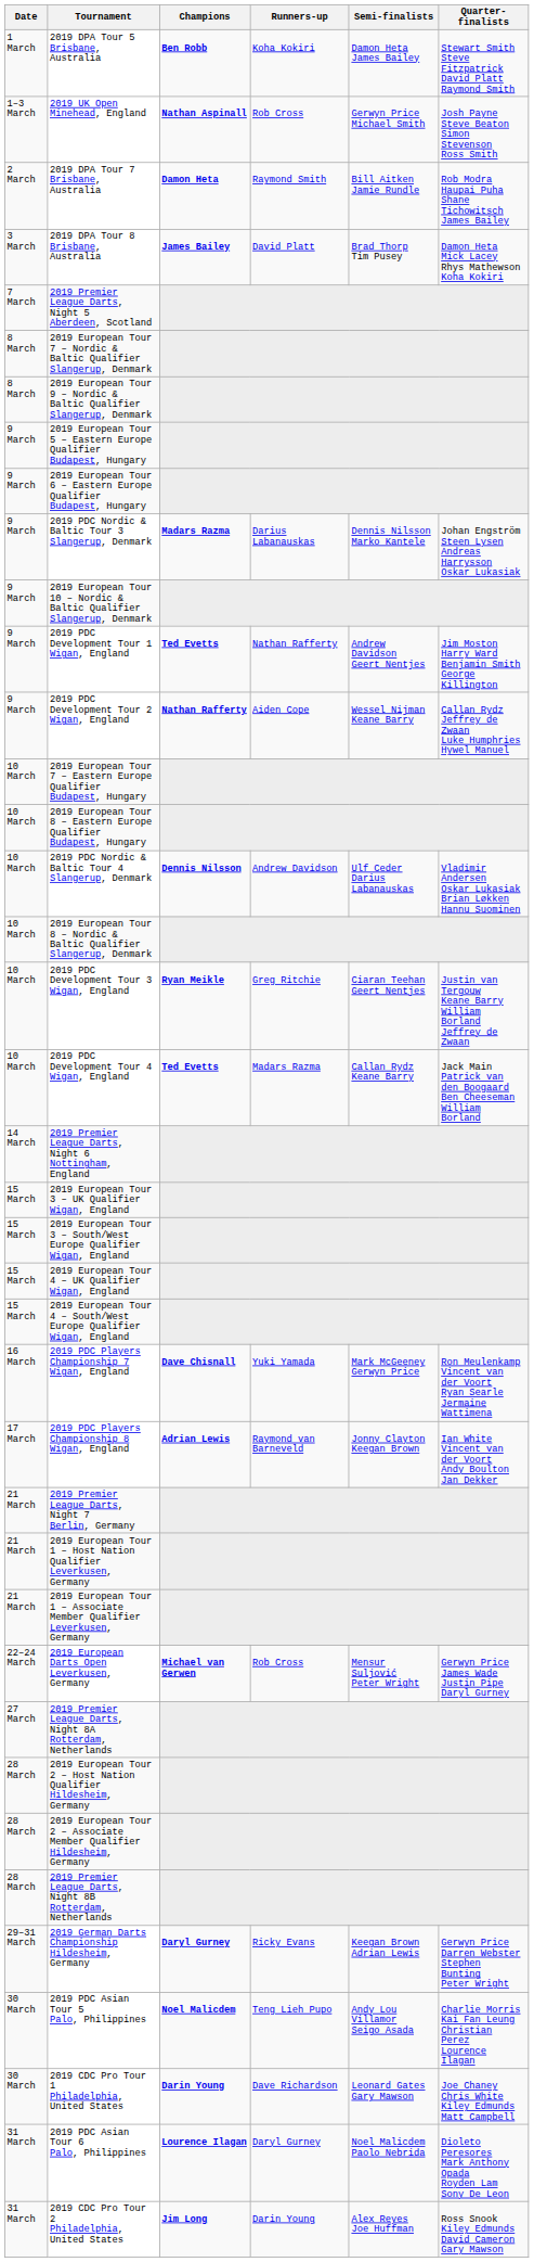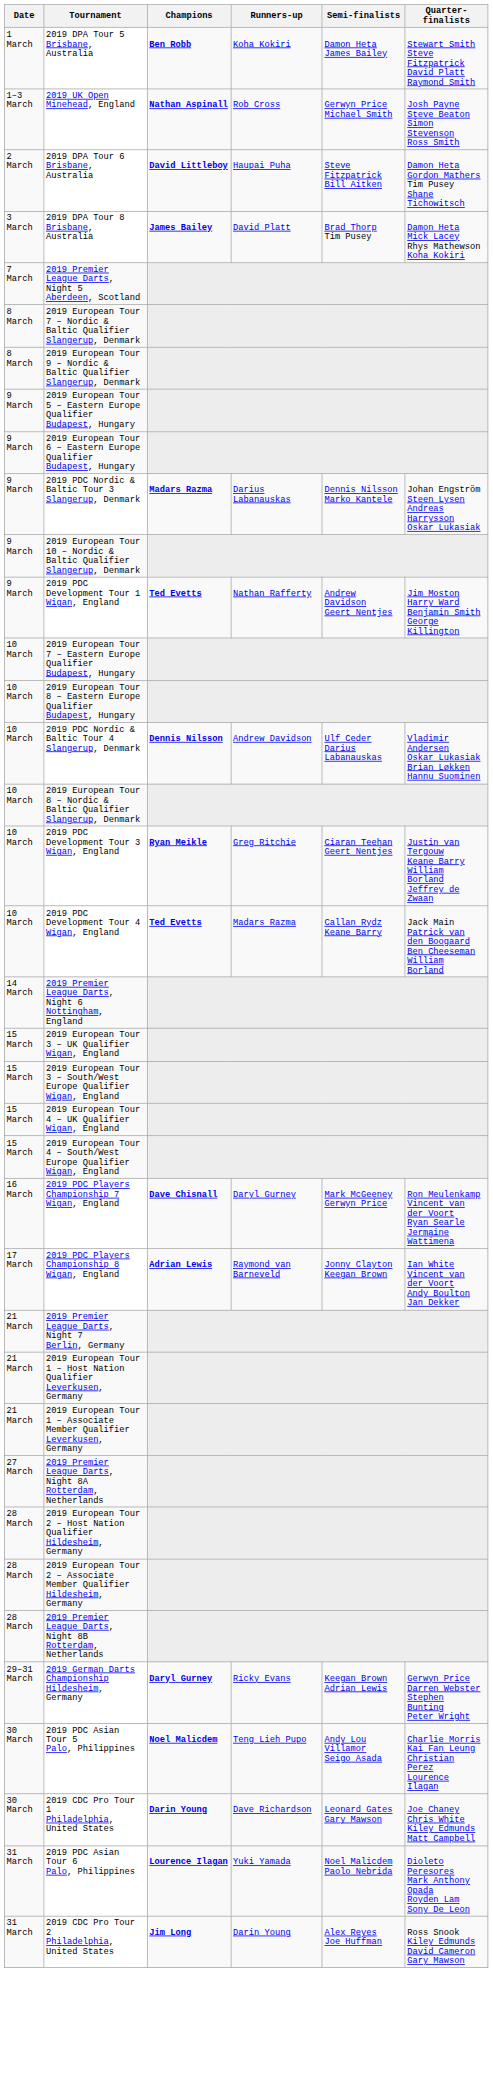 <table class=wikitable style=font-size:85%>
 <tr>
 <th width=75>Date</th>
 <th width=230>Tournament</th>
 <th width=210>Champions</th>
 <th width=210>Runners-up</th>
 <th width=170>Semi-finalists</th>
 <th width=170>Quarter-finalists</th>
 </tr>
 <tr valign="top">
 <td>1 March</td>
 <td bgcolor="#ffffff">2019 DPA Tour 5<br><a href='#'>Brisbane</a>, Australia</td>
 <td><br> <strong><a href='#'>Ben Robb</a></strong></td>
 <td><br> <a href='#'>Koha Kokiri</a></td>
 <td><br> <a href='#'>Damon Heta</a> <br>  <a href='#'>James Bailey</a></td>
 <td><br> <a href='#'>Stewart Smith</a> <br>  <a href='#'>Steve Fitzpatrick</a> <br>  <a href='#'>David Platt</a> <br>  <a href='#'>Raymond Smith</a></td>
 </tr>
 <tr valign="top">
 <td>1–3 March</td>
 <td bgcolor="#ffffff"><a href='#'>2019 UK Open</a><br><a href='#'>Minehead</a>, England</td>
 <td><br> <strong><a href='#'>Nathan Aspinall</a></strong></td>
 <td><br> <a href='#'>Rob Cross</a></td>
 <td><br> <a href='#'>Gerwyn Price</a> <br>  <a href='#'>Michael Smith</a></td>
 <td><br> <a href='#'>Josh Payne</a> <br>  <a href='#'>Steve Beaton</a> <br>  <a href='#'>Simon Stevenson</a> <br>  <a href='#'>Ross Smith</a></td>
 </tr>
 <tr valign="top">
 <td>2 March</td>
-<td bgcolor="#ffffff">2019 DPA Tour 7<br><a href='#'>Brisbane</a>, Australia</td>
-<td><br> <strong><a href='#'>Damon Heta</a></strong></td>
-<td><br> <a href='#'>Raymond Smith</a></td>
-<td><br> <a href='#'>Bill Aitken</a> <br>  <a href='#'>Jamie Rundle</a></td>
-<td><br> <a href='#'>Rob Modra</a> <br>  <a href='#'>Haupai Puha</a> <br>  <a href='#'>Shane Tichowitsch</a> <br>  <a href='#'>James Bailey</a></td>
+<td bgcolor="#ffffff">2019 DPA Tour 6<br><a href='#'>Brisbane</a>, Australia</td>
+<td><br> <strong><a href='#'>David Littleboy</a></strong></td>
+<td><br> <a href='#'>Haupai Puha</a></td>
+<td><br> <a href='#'>Steve Fitzpatrick</a> <br>  <a href='#'>Bill Aitken</a></td>
+<td><br> <a href='#'>Damon Heta</a> <br>  <a href='#'>Gordon Mathers</a> <br>  Tim Pusey <br>  <a href='#'>Shane Tichowitsch</a></td>
 </tr>
 <tr valign="top">
 <td>3 March</td>
 <td bgcolor="#ffffff">2019 DPA Tour 8<br><a href='#'>Brisbane</a>, Australia</td>
 <td><br> <strong><a href='#'>James Bailey</a></strong></td>
 <td><br> <a href='#'>David Platt</a></td>
 <td><br> <a href='#'>Brad Thorp</a> <br>  Tim Pusey</td>
 <td><br> <a href='#'>Damon Heta</a> <br>  <a href='#'>Mick Lacey</a> <br>  Rhys Mathewson <br>  <a href='#'>Koha Kokiri</a></td>
 </tr>
 <tr valign="top">
 <td rowspan=1>7 March</td>
 <td><a href='#'>2019 Premier League Darts</a>, Night 5 <br><a href='#'>Aberdeen</a>, Scotland</td>
 <td colspan=4 bgcolor="#ededed"></td>
 </tr>
 <tr valign="top">
 <td rowspan=1>8 March</td>
 <td>2019 European Tour 7 – Nordic & Baltic Qualifier <br><a href='#'>Slangerup</a>, Denmark</td>
 <td colspan=4 bgcolor="#ededed"></td>
 </tr>
 <tr valign="top">
 <td rowspan=1>8 March</td>
 <td>2019 European Tour 9 – Nordic & Baltic Qualifier <br><a href='#'>Slangerup</a>, Denmark</td>
 <td colspan=4 bgcolor="#ededed"></td>
 </tr>
 <tr valign="top">
 <td rowspan=1>9 March</td>
 <td>2019 European Tour 5 – Eastern Europe Qualifier <br><a href='#'>Budapest</a>, Hungary</td>
 <td colspan=4 bgcolor="#ededed"></td>
 </tr>
 <tr valign="top">
 <td rowspan=1>9 March</td>
 <td>2019 European Tour 6 – Eastern Europe Qualifier <br><a href='#'>Budapest</a>, Hungary</td>
 <td colspan=4 bgcolor="#ededed"></td>
 </tr>
 <tr valign="top">
 <td>9 March</td>
 <td bgcolor="#ffffff">2019 PDC Nordic & Baltic Tour 3<br><a href='#'>Slangerup</a>, Denmark</td>
 <td><br> <strong><a href='#'>Madars Razma</a></strong></td>
 <td><br> <a href='#'>Darius Labanauskas</a></td>
 <td><br> <a href='#'>Dennis Nilsson</a> <br>  <a href='#'>Marko Kantele</a></td>
 <td><br> Johan Engström <br>  <a href='#'>Steen Lysen</a> <br>  <a href='#'>Andreas Harrysson</a> <br>  <a href='#'>Oskar Lukasiak</a></td>
 </tr>
 <tr valign="top">
 <td rowspan=1>9 March</td>
 <td>2019 European Tour 10 – Nordic & Baltic Qualifier <br><a href='#'>Slangerup</a>, Denmark</td>
 <td colspan=4 bgcolor="#ededed"></td>
 </tr>
 <tr valign="top">
 <td>9 March</td>
 <td bgcolor="#ffffff">2019 PDC Development Tour 1<br><a href='#'>Wigan</a>, England</td>
 <td><br> <strong><a href='#'>Ted Evetts</a></strong></td>
 <td><br> <a href='#'>Nathan Rafferty</a></td>
 <td><br> <a href='#'>Andrew Davidson</a> <br>  <a href='#'>Geert Nentjes</a></td>
 <td><br> <a href='#'>Jim Moston</a> <br>  <a href='#'>Harry Ward</a> <br>  <a href='#'>Benjamin Smith</a> <br>  <a href='#'>George Killington</a></td>
-</tr>
-<tr valign="top">
-<td>9 March</td>
-<td bgcolor="#ffffff">2019 PDC Development Tour 2<br><a href='#'>Wigan</a>, England</td>
-<td><br> <strong><a href='#'>Nathan Rafferty</a></strong></td>
-<td><br> <a href='#'>Aiden Cope</a></td>
-<td><br> <a href='#'>Wessel Nijman</a> <br>  <a href='#'>Keane Barry</a></td>
-<td><br> <a href='#'>Callan Rydz</a> <br>  <a href='#'>Jeffrey de Zwaan</a> <br>  <a href='#'>Luke Humphries</a> <br>  <a href='#'>Hywel Manuel</a></td>
 </tr>
 <tr valign="top">
 <td rowspan=1>10 March</td>
 <td>2019 European Tour 7 – Eastern Europe Qualifier <br><a href='#'>Budapest</a>, Hungary</td>
 <td colspan=4 bgcolor="#ededed"></td>
 </tr>
 <tr valign="top">
 <td rowspan=1>10 March</td>
 <td>2019 European Tour 8 – Eastern Europe Qualifier <br><a href='#'>Budapest</a>, Hungary</td>
 <td colspan=4 bgcolor="#ededed"></td>
 </tr>
 <tr valign="top">
 <td>10 March</td>
 <td bgcolor="#ffffff">2019 PDC Nordic & Baltic Tour 4<br><a href='#'>Slangerup</a>, Denmark</td>
 <td><br> <strong><a href='#'>Dennis Nilsson</a></strong></td>
 <td><br> <a href='#'>Andrew Davidson</a></td>
 <td><br> <a href='#'>Ulf Ceder</a> <br>  <a href='#'>Darius Labanauskas</a></td>
 <td><br> <a href='#'>Vladimir Andersen</a> <br>  <a href='#'>Oskar Lukasiak</a> <br>  <a href='#'>Brian Løkken</a> <br>  <a href='#'>Hannu Suominen</a></td>
 </tr>
 <tr valign="top">
 <td rowspan=1>10 March</td>
 <td>2019 European Tour 8 – Nordic & Baltic Qualifier <br><a href='#'>Slangerup</a>, Denmark</td>
 <td colspan=4 bgcolor="#ededed"></td>
 </tr>
 <tr valign="top">
 <td>10 March</td>
 <td bgcolor="#ffffff">2019 PDC Development Tour 3<br><a href='#'>Wigan</a>, England</td>
 <td><br> <strong><a href='#'>Ryan Meikle</a></strong></td>
 <td><br> <a href='#'>Greg Ritchie</a></td>
 <td><br> <a href='#'>Ciaran Teehan</a> <br>  <a href='#'>Geert Nentjes</a></td>
 <td><br> <a href='#'>Justin van Tergouw</a> <br>  <a href='#'>Keane Barry</a> <br>  <a href='#'>William Borland</a> <br>  <a href='#'>Jeffrey de Zwaan</a></td>
 </tr>
 <tr valign="top">
 <td>10 March</td>
 <td bgcolor="#ffffff">2019 PDC Development Tour 4<br><a href='#'>Wigan</a>, England</td>
 <td><br> <strong><a href='#'>Ted Evetts</a></strong></td>
 <td><br> <a href='#'>Madars Razma</a></td>
 <td><br> <a href='#'>Callan Rydz</a> <br>  <a href='#'>Keane Barry</a></td>
 <td><br> Jack Main <br>  <a href='#'>Patrick van den Boogaard</a> <br>  <a href='#'>Ben Cheeseman</a> <br>  <a href='#'>William Borland</a></td>
 </tr>
 <tr valign="top">
 <td rowspan=1>14 March</td>
 <td><a href='#'>2019 Premier League Darts</a>, Night 6 <br><a href='#'>Nottingham</a>, England</td>
 <td colspan=4 bgcolor="#ededed"></td>
 </tr>
 <tr valign="top">
 <td rowspan=1>15 March</td>
 <td>2019 European Tour 3 – UK Qualifier <br><a href='#'>Wigan</a>, England</td>
 <td colspan=4 bgcolor="#ededed"></td>
 </tr>
 <tr valign="top">
 <td rowspan=1>15 March</td>
 <td>2019 European Tour 3 – South/West Europe Qualifier <br><a href='#'>Wigan</a>, England</td>
 <td colspan=4 bgcolor="#ededed"></td>
 </tr>
 <tr valign="top">
 <td rowspan=1>15 March</td>
 <td>2019 European Tour 4 – UK Qualifier <br><a href='#'>Wigan</a>, England</td>
 <td colspan=4 bgcolor="#ededed"></td>
 </tr>
 <tr valign="top">
 <td rowspan=1>15 March</td>
 <td>2019 European Tour 4 – South/West Europe Qualifier <br><a href='#'>Wigan</a>, England</td>
 <td colspan=4 bgcolor="#ededed"></td>
 </tr>
 <tr valign="top">
 <td>16 March</td>
 <td bgcolor="#ffffff"><a href='#'>2019 PDC Players Championship 7</a><br><a href='#'>Wigan</a>, England</td>
 <td><br> <strong><a href='#'>Dave Chisnall</a></strong></td>
-<td><br> <a href='#'>Yuki Yamada</a></td>
+<td><br> <a href='#'>Daryl Gurney</a></td>
 <td><br> <a href='#'>Mark McGeeney</a> <br>  <a href='#'>Gerwyn Price</a></td>
 <td><br> <a href='#'>Ron Meulenkamp</a> <br>  <a href='#'>Vincent van der Voort</a> <br>  <a href='#'>Ryan Searle</a> <br>  <a href='#'>Jermaine Wattimena</a></td>
 </tr>
 <tr valign="top">
 <td>17 March</td>
 <td bgcolor="#ffffff"><a href='#'>2019 PDC Players Championship 8</a><br><a href='#'>Wigan</a>, England</td>
 <td><br> <strong><a href='#'>Adrian Lewis</a></strong></td>
 <td><br> <a href='#'>Raymond van Barneveld</a></td>
 <td><br> <a href='#'>Jonny Clayton</a> <br>  <a href='#'>Keegan Brown</a></td>
 <td><br> <a href='#'>Ian White</a> <br>  <a href='#'>Vincent van der Voort</a> <br>  <a href='#'>Andy Boulton</a> <br>  <a href='#'>Jan Dekker</a></td>
 </tr>
 <tr valign="top">
 <td rowspan=1>21 March</td>
 <td><a href='#'>2019 Premier League Darts</a>, Night 7 <br><a href='#'>Berlin</a>, Germany</td>
 <td colspan=4 bgcolor="#ededed"></td>
 </tr>
 <tr valign="top">
 <td rowspan=1>21 March</td>
 <td>2019 European Tour 1 – Host Nation Qualifier <br><a href='#'>Leverkusen</a>, Germany</td>
 <td colspan=4 bgcolor="#ededed"></td>
 </tr>
 <tr valign="top">
 <td rowspan=1>21 March</td>
 <td>2019 European Tour 1 – Associate Member Qualifier <br><a href='#'>Leverkusen</a>, Germany</td>
 <td colspan=4 bgcolor="#ededed"></td>
-</tr>
-<tr valign="top">
-<td>22–24 March</td>
-<td bgcolor="#ffffff"><a href='#'>2019 European Darts Open</a><br><a href='#'>Leverkusen</a>, Germany</td>
-<td><br> <strong><a href='#'>Michael van Gerwen</a></strong></td>
-<td><br> <a href='#'>Rob Cross</a></td>
-<td><br> <a href='#'>Mensur Suljović</a> <br>  <a href='#'>Peter Wright</a></td>
-<td><br> <a href='#'>Gerwyn Price</a> <br>  <a href='#'>James Wade</a> <br>  <a href='#'>Justin Pipe</a> <br>  <a href='#'>Daryl Gurney</a></td>
 </tr>
 <tr valign="top">
 <td rowspan=1>27 March</td>
 <td><a href='#'>2019 Premier League Darts</a>, Night 8A <br><a href='#'>Rotterdam</a>, Netherlands</td>
 <td colspan=4 bgcolor="#ededed"></td>
 </tr>
 <tr valign="top">
 <td rowspan=1>28 March</td>
 <td>2019 European Tour 2 – Host Nation Qualifier <br><a href='#'>Hildesheim</a>, Germany</td>
 <td colspan=4 bgcolor="#ededed"></td>
 </tr>
 <tr valign="top">
 <td rowspan=1>28 March</td>
 <td>2019 European Tour 2 – Associate Member Qualifier <br><a href='#'>Hildesheim</a>, Germany</td>
 <td colspan=4 bgcolor="#ededed"></td>
 </tr>
 <tr valign="top">
 <td rowspan=1>28 March</td>
 <td><a href='#'>2019 Premier League Darts</a>, Night 8B <br><a href='#'>Rotterdam</a>, Netherlands</td>
 <td colspan=4 bgcolor="#ededed"></td>
 </tr>
 <tr valign="top">
 <td>29–31 March</td>
 <td bgcolor="#ffffff"><a href='#'>2019 German Darts Championship</a><br><a href='#'>Hildesheim</a>, Germany</td>
 <td><br> <strong><a href='#'>Daryl Gurney</a></strong></td>
 <td><br> <a href='#'>Ricky Evans</a></td>
 <td><br> <a href='#'>Keegan Brown</a> <br>  <a href='#'>Adrian Lewis</a></td>
 <td><br> <a href='#'>Gerwyn Price</a> <br>  <a href='#'>Darren Webster</a> <br>  <a href='#'>Stephen Bunting</a> <br>  <a href='#'>Peter Wright</a></td>
 </tr>
 <tr valign="top">
 <td>30 March</td>
 <td bgcolor="#ffffff">2019 PDC Asian Tour 5<br><a href='#'>Palo</a>, Philippines</td>
 <td><br> <strong><a href='#'>Noel Malicdem</a></strong></td>
 <td><br> <a href='#'>Teng Lieh Pupo</a></td>
 <td><br> <a href='#'>Andy Lou Villamor</a> <br>  <a href='#'>Seigo Asada</a></td>
 <td><br> <a href='#'>Charlie Morris</a> <br>  <a href='#'>Kai Fan Leung</a> <br>  <a href='#'>Christian Perez</a> <br>  <a href='#'>Lourence Ilagan</a></td>
 </tr>
 <tr valign="top">
 <td>30 March</td>
 <td bgcolor="#ffffff">2019 CDC Pro Tour 1<br><a href='#'>Philadelphia</a>, United States</td>
 <td><br> <strong><a href='#'>Darin Young</a></strong></td>
 <td><br> <a href='#'>Dave Richardson</a></td>
 <td><br> <a href='#'>Leonard Gates</a> <br>  <a href='#'>Gary Mawson</a></td>
 <td><br> <a href='#'>Joe Chaney</a> <br>  <a href='#'>Chris White</a> <br>  <a href='#'>Kiley Edmunds</a> <br>  <a href='#'>Matt Campbell</a></td>
 </tr>
 <tr valign="top">
 <td>31 March</td>
 <td bgcolor="#ffffff">2019 PDC Asian Tour 6<br><a href='#'>Palo</a>, Philippines</td>
 <td><br> <strong><a href='#'>Lourence Ilagan</a></strong></td>
-<td><br> <a href='#'>Daryl Gurney</a></td>
+<td><br> <a href='#'>Yuki Yamada</a></td>
 <td><br> <a href='#'>Noel Malicdem</a> <br>  <a href='#'>Paolo Nebrida</a></td>
 <td><br> <a href='#'>Dioleto Peresores</a> <br>  <a href='#'>Mark Anthony Opada</a> <br>  <a href='#'>Royden Lam</a> <br>  <a href='#'>Sony De Leon</a></td>
 </tr>
 <tr valign="top">
 <td>31 March</td>
 <td bgcolor="#ffffff">2019 CDC Pro Tour 2<br><a href='#'>Philadelphia</a>, United States</td>
 <td><br> <strong><a href='#'>Jim Long</a></strong></td>
 <td><br> <a href='#'>Darin Young</a></td>
 <td><br> <a href='#'>Alex Reyes</a> <br>  <a href='#'>Joe Huffman</a></td>
 <td><br> Ross Snook <br>  <a href='#'>Kiley Edmunds</a> <br>  <a href='#'>David Cameron</a> <br>  <a href='#'>Gary Mawson</a></td>
 </tr>
 </table>
